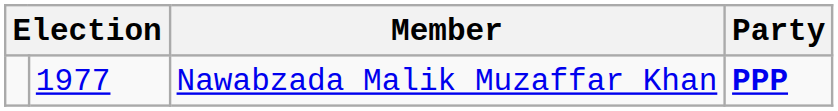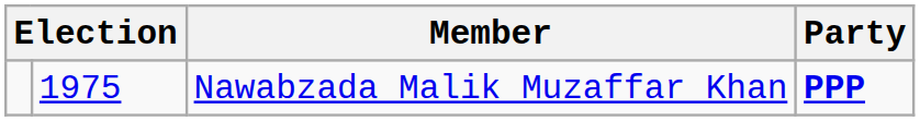 <table class="wikitable">
 <tr>
 <th colspan="2">Election</th>
 <th>Member</th>
 <th>Party</th>
 </tr>
 <tr>
 <td style="background-color: "></td>
-<td><a href='#'>1977</a></td>
+<td><a href='#'>1975</a></td>
 <td><a href='#'>Nawabzada Malik Muzaffar Khan</a></td>
 <td><strong><a href='#'>PPP</a></strong></td>
 </tr>
 </table>
